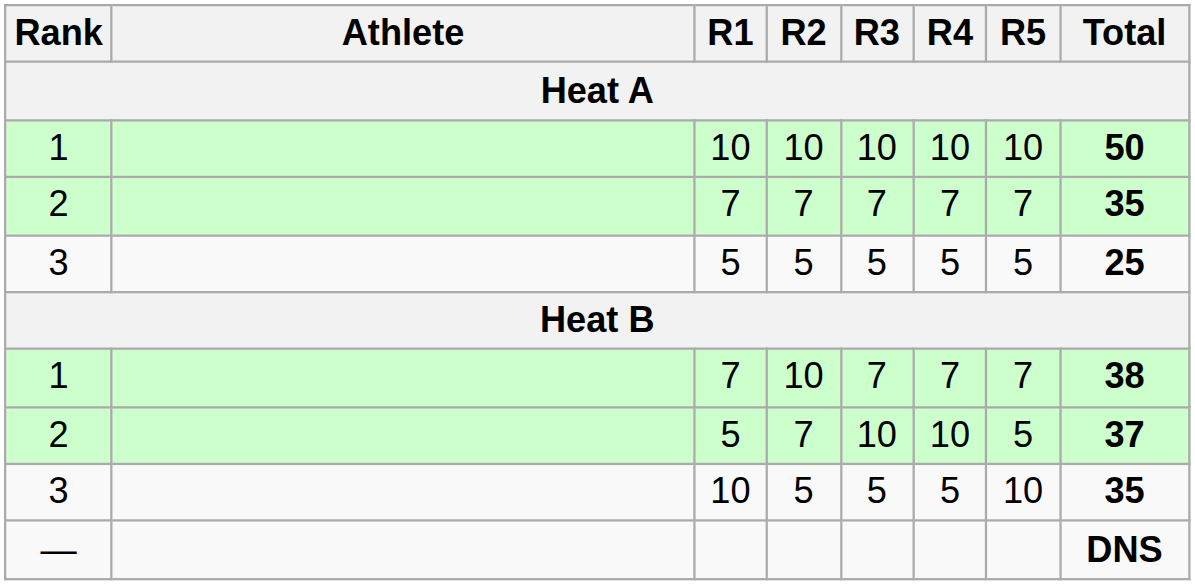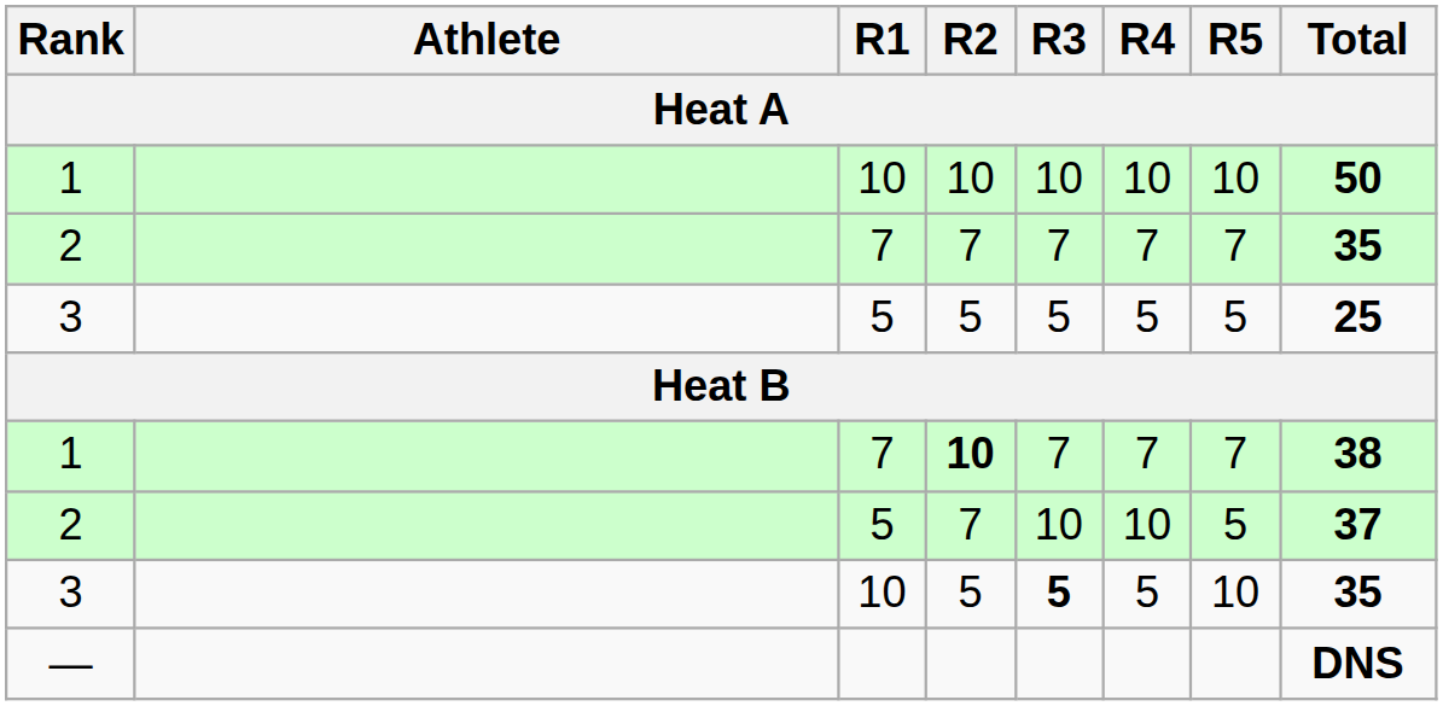 <table class=wikitable style="text-align:center">
 <tr>
 <th width=40>Rank</th>
 <th width=250>Athlete</th>
 <th width=25>R1</th>
 <th width=25>R2</th>
 <th width=25>R3</th>
 <th width=25>R4</th>
 <th width=25>R5</th>
 <th width=50>Total</th>
 </tr>
 <tr>
 <th colspan=8>Heat A</th>
 </tr>
 <tr bgcolor="ccffcc">
 <td>1</td>
 <td align=left></td>
 <td>10</td>
 <td>10</td>
 <td>10</td>
 <td>10</td>
 <td>10</td>
 <td><strong>50</strong></td>
 </tr>
 <tr bgcolor="ccffcc">
 <td>2</td>
 <td align=left></td>
 <td>7</td>
 <td>7</td>
 <td>7</td>
 <td>7</td>
 <td>7</td>
 <td><strong>35</strong></td>
 </tr>
 <tr>
 <td>3</td>
 <td align=left></td>
 <td>5</td>
 <td>5</td>
 <td>5</td>
 <td>5</td>
 <td>5</td>
 <td><strong>25</strong></td>
 </tr>
 <tr>
 <th colspan=8>Heat B</th>
 </tr>
 <tr bgcolor="ccffcc">
 <td>1</td>
 <td align=left></td>
 <td>7</td>
-<td>10</td>
+<td><strong>10</strong></td>
 <td>7</td>
 <td>7</td>
 <td>7</td>
 <td><strong>38</strong></td>
 </tr>
 <tr bgcolor="ccffcc">
 <td>2</td>
 <td align=left></td>
 <td>5</td>
 <td>7</td>
 <td>10</td>
 <td>10</td>
 <td>5</td>
 <td><strong>37</strong></td>
 </tr>
 <tr>
 <td>3</td>
 <td align=left></td>
 <td>10</td>
 <td>5</td>
-<td>5</td>
+<td><strong>5</strong></td>
 <td>5</td>
 <td>10</td>
 <td><strong>35</strong></td>
 </tr>
 <tr>
 <td>—</td>
 <td align=left></td>
 <td></td>
 <td></td>
 <td></td>
 <td></td>
 <td></td>
 <td><strong>DNS</strong></td>
 </tr>
 </table>
